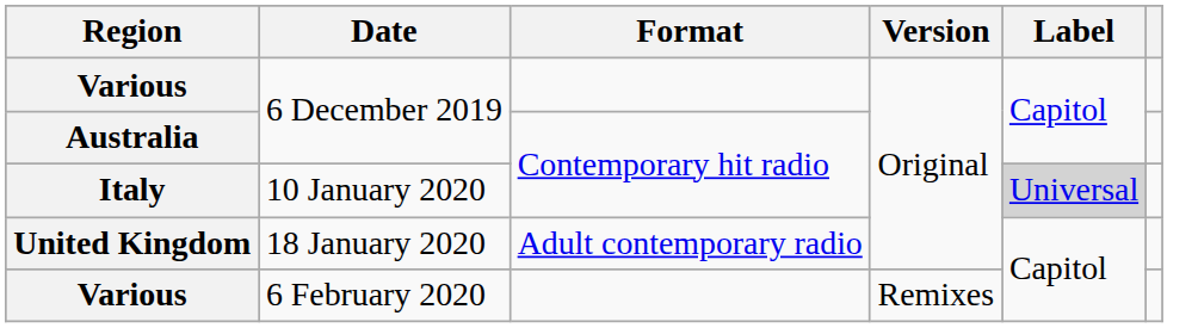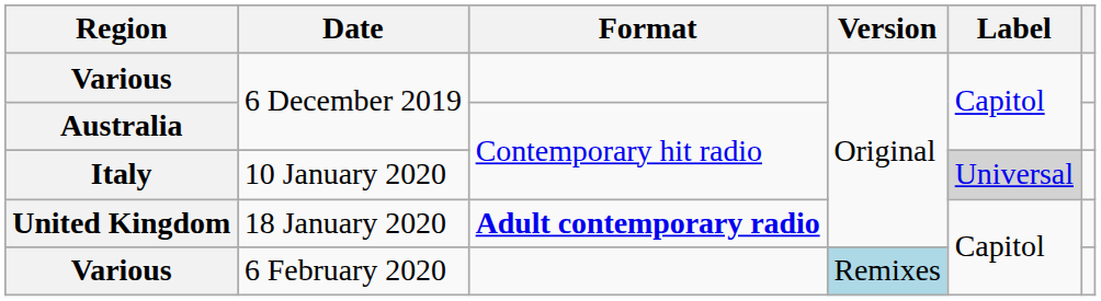 <table class="wikitable plainrowheaders">
 <tr>
 <th scope="col">Region</th>
 <th scope="col">Date</th>
 <th scope="col">Format</th>
 <th>Version</th>
 <th scope="col">Label</th>
 <th scope="col"></th>
 </tr>
 <tr>
 <th scope="row">Various</th>
 <td rowspan="2">6 December 2019</td>
 <td></td>
 <td rowspan="4">Original</td>
 <td rowspan="2"><a href='#'>Capitol</a></td>
 <td></td>
 </tr>
 <tr>
 <th scope="row">Australia</th>
 <td rowspan="2"><a href='#'>Contemporary hit radio</a></td>
 <td></td>
 </tr>
 <tr>
 <th scope="row">Italy</th>
 <td>10 January 2020</td>
 <td style="background: lightgrey;"><a href='#'>Universal</a></td>
 <td></td>
 </tr>
 <tr>
 <th scope="row">United Kingdom</th>
 <td>18 January 2020</td>
-<td><a href='#'>Adult contemporary radio</a></td>
+<td><strong><a href='#'>Adult contemporary radio</a></strong></td>
 <td rowspan="2">Capitol</td>
 <td></td>
 </tr>
 <tr>
 <th scope="row">Various</th>
 <td>6 February 2020</td>
 <td></td>
-<td>Remixes</td>
+<td style="background: lightblue;">Remixes</td>
 <td></td>
 </tr>
 </table>
